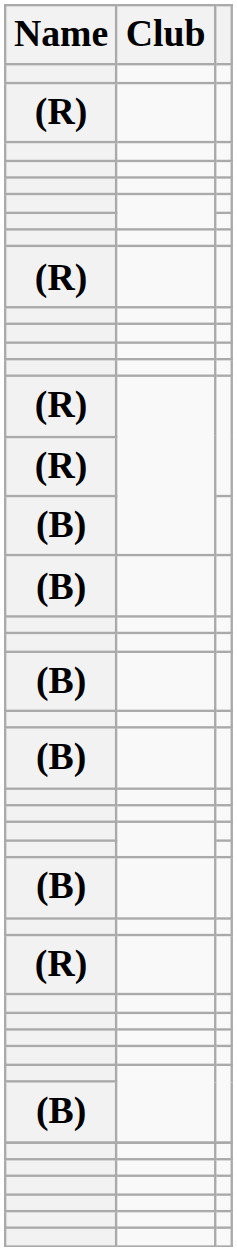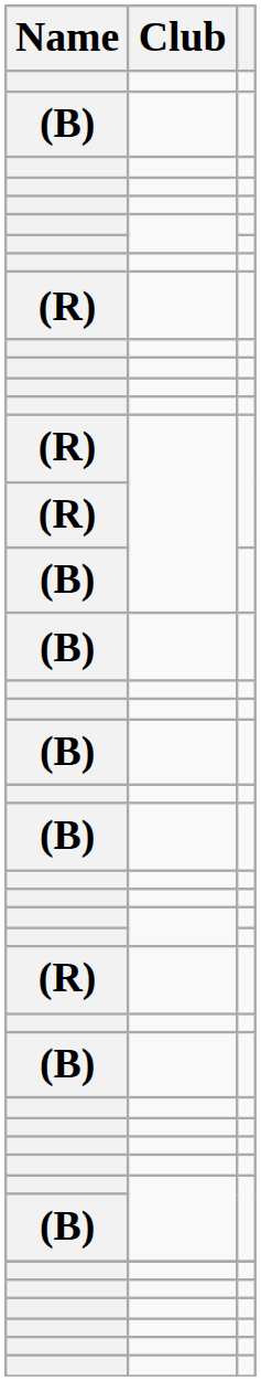 <table class="wikitable sortable plainrowheaders" style="text-align:center;">
 <tr>
 <th scope="col">Name</th>
 <th scope="col">Club</th>
 <th class="unsortable"></th>
 </tr>
 <tr>
 <th scope="row"></th>
 <td></td>
 <td></td>
 </tr>
 <tr>
-<th scope="row"> <span><strong>(R)</strong></span></th>
+<th scope="row"> <span><strong>(B)</strong></span></th>
 <td></td>
 <td></td>
 </tr>
 <tr>
 <th scope="row"></th>
 <td></td>
 <td></td>
 </tr>
 <tr>
 <th scope="row"></th>
 <td></td>
 <td></td>
 </tr>
 <tr>
 <th scope="row"></th>
 <td></td>
 <td></td>
 </tr>
 <tr>
 <th scope="row"></th>
 <td rowspan=2></td>
 <td></td>
 </tr>
 <tr>
 <th scope="row"></th>
 <td></td>
 </tr>
 <tr>
 <th scope="row"></th>
 <td></td>
 <td></td>
 </tr>
 <tr>
 <th scope="row"> <span><strong>(R)</strong></span></th>
 <td></td>
 <td></td>
 </tr>
 <tr>
 <th scope="row"></th>
 <td></td>
 <td></td>
 </tr>
 <tr>
 <th scope="row"></th>
 <td></td>
 <td></td>
 </tr>
 <tr>
 <th scope="row"></th>
 <td></td>
 <td></td>
 </tr>
 <tr>
 <th scope="row"></th>
 <td></td>
 <td></td>
 </tr>
 <tr>
 <th scope="row"> <span><strong>(R)</strong></span></th>
 <td rowspan=3></td>
 <td rowspan=2></td>
 </tr>
 <tr>
 <th scope="row"> <span><strong>(R)</strong></span></th>
 </tr>
 <tr>
 <th scope="row"> <span><strong>(B)</strong></span></th>
 <td></td>
 </tr>
 <tr>
 <th scope="row"> <span><strong>(B)</strong></span></th>
 <td></td>
 <td></td>
 </tr>
 <tr>
 <th scope="row"></th>
 <td></td>
 <td></td>
 </tr>
 <tr>
 <th scope="row"></th>
 <td></td>
 <td></td>
 </tr>
 <tr>
 <th scope="row"> <span><strong>(B)</strong></span></th>
 <td></td>
 <td></td>
 </tr>
 <tr>
 <th scope="row"></th>
 <td></td>
 <td></td>
 </tr>
 <tr>
 <th scope="row"> <span><strong>(B)</strong></span></th>
 <td></td>
 <td></td>
 </tr>
 <tr>
 <th scope="row"></th>
 <td></td>
 <td></td>
 </tr>
 <tr>
 <th scope="row"></th>
 <td></td>
 <td></td>
 </tr>
 <tr>
 <th scope="row"></th>
 <td rowspan=2></td>
 <td></td>
 </tr>
 <tr>
 <th scope="row"></th>
 <td></td>
 </tr>
 <tr>
-<th scope="row"> <span><strong>(B)</strong></span></th>
+<th scope="row"> <span><strong>(R)</strong></span></th>
 <td></td>
 <td></td>
 </tr>
 <tr>
 <th scope="row"></th>
 <td></td>
 <td></td>
 </tr>
 <tr>
-<th scope="row"> <span><strong>(R)</strong></span></th>
+<th scope="row"> <span><strong>(B)</strong></span></th>
 <td></td>
 <td></td>
 </tr>
 <tr>
 <th scope="row"></th>
 <td></td>
 <td></td>
 </tr>
 <tr>
 <th scope="row"></th>
 <td></td>
 <td></td>
 </tr>
 <tr>
 <th scope="row"></th>
 <td></td>
 <td></td>
 </tr>
 <tr>
 <th scope="row"></th>
 <td></td>
 <td></td>
 </tr>
 <tr>
 <th scope="row"></th>
 <td rowspan=2></td>
 <td rowspan=2></td>
 </tr>
 <tr>
 <th scope="row"> <span><strong>(B)</strong></span></th>
 </tr>
 <tr>
 </tr>
 <tr>
 <th scope="row"></th>
 <td></td>
 <td></td>
 </tr>
 <tr>
 <th scope="row"></th>
 <td></td>
 <td></td>
 </tr>
 <tr>
 <th scope="row"></th>
 <td></td>
 <td></td>
 </tr>
 <tr>
 <th scope="row"></th>
 <td></td>
 <td></td>
 </tr>
 <tr>
 <th scope="row"></th>
 <td></td>
 <td></td>
 </tr>
 <tr>
 <th scope="row"></th>
 <td></td>
 <td></td>
 </tr>
 </table>
